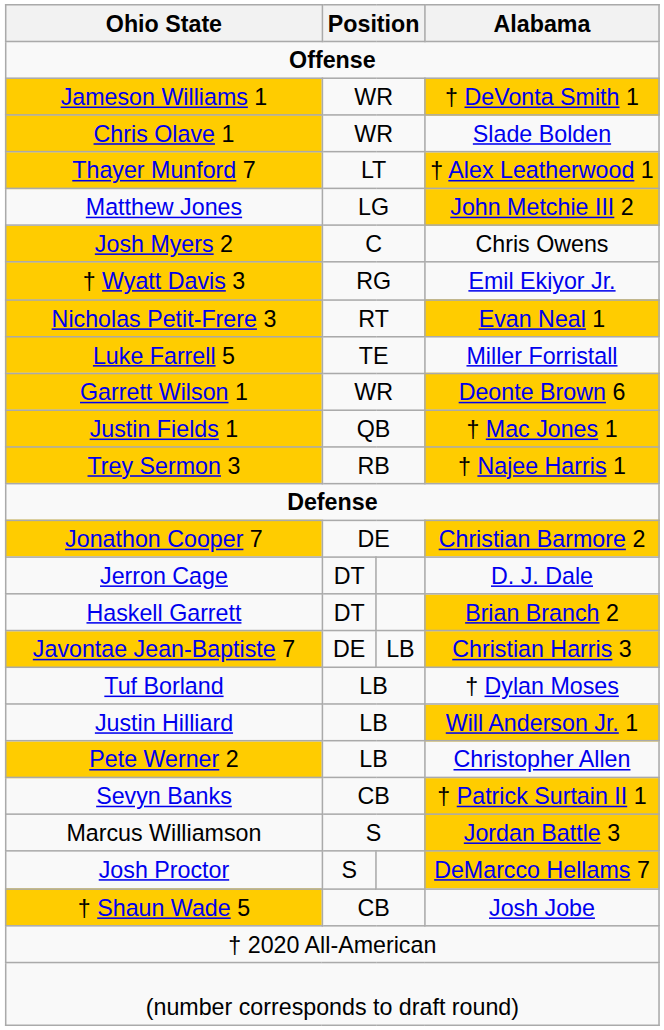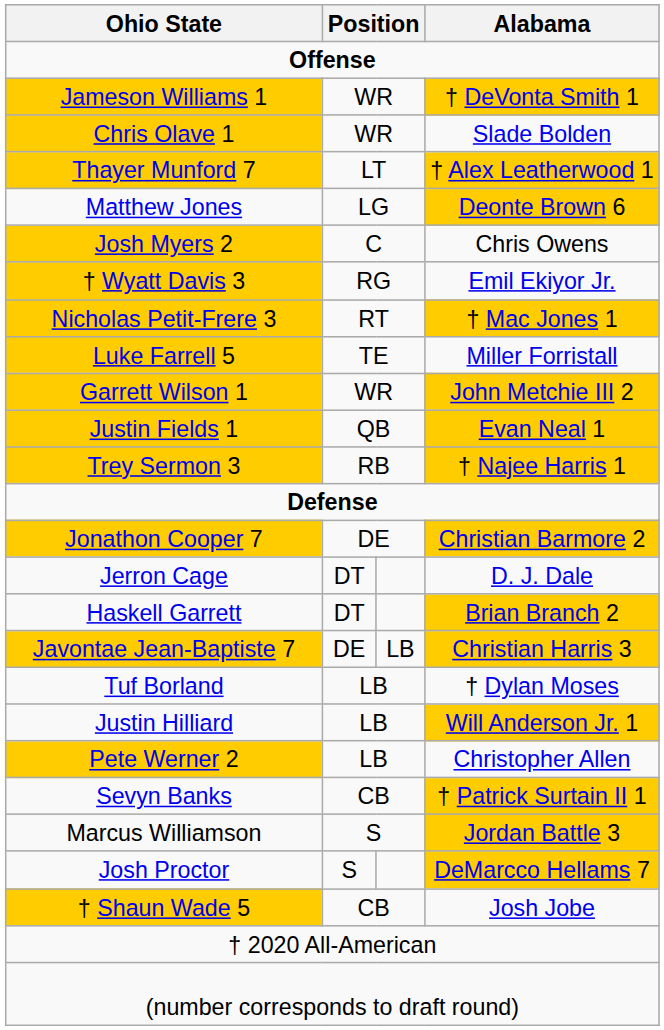 <table class="wikitable" style="margin:1em auto; text-align:center; font-size: 95%;">
 <tr>
 <th style="width:200px;">Ohio State</th>
 <th colspan=2>Position</th>
 <th>Alabama</th>
 </tr>
 <tr>
 <td colspan="4"><strong>Offense</strong></td>
 </tr>
 <tr>
 <td bgcolor="#FFCC00"><a href='#'>Jameson Williams</a> 1</td>
 <td colspan=2>WR</td>
 <td bgcolor="#FFCC00">† <a href='#'>DeVonta Smith</a> 1</td>
 </tr>
 <tr>
 <td bgcolor="#FFCC00"><a href='#'>Chris Olave</a> 1</td>
 <td colspan=2>WR</td>
 <td><a href='#'>Slade Bolden</a></td>
 </tr>
 <tr>
 <td bgcolor="#FFCC00"><a href='#'>Thayer Munford</a> 7</td>
 <td colspan=2>LT</td>
 <td bgcolor="#FFCC00">† <a href='#'>Alex Leatherwood</a> 1</td>
 </tr>
 <tr>
 <td><a href='#'>Matthew Jones</a></td>
 <td colspan=2>LG</td>
-<td bgcolor="#FFCC00"><a href='#'>John Metchie III</a> 2</td>
+<td bgcolor="#FFCC00"><a href='#'>Deonte Brown</a> 6</td>
 </tr>
 <tr>
 <td bgcolor="#FFCC00"><a href='#'>Josh Myers</a> 2</td>
 <td colspan=2>C</td>
 <td>Chris Owens</td>
 </tr>
 <tr>
 <td bgcolor="#FFCC00">† <a href='#'>Wyatt Davis</a> 3</td>
 <td colspan=2>RG</td>
 <td><a href='#'>Emil Ekiyor Jr.</a></td>
 </tr>
 <tr>
 <td bgcolor="#FFCC00"><a href='#'>Nicholas Petit-Frere</a> 3</td>
 <td colspan=2>RT</td>
-<td bgcolor="#FFCC00"><a href='#'>Evan Neal</a> 1</td>
+<td bgcolor="#FFCC00">† <a href='#'>Mac Jones</a> 1</td>
 </tr>
 <tr>
 <td style="background:#FFCC00"><a href='#'>Luke Farrell</a> 5</td>
 <td colspan=2>TE</td>
 <td><a href='#'>Miller Forristall</a></td>
 </tr>
 <tr>
 <td bgcolor="#FFCC00"><a href='#'>Garrett Wilson</a> 1</td>
 <td colspan=2>WR</td>
-<td bgcolor="#FFCC00"><a href='#'>Deonte Brown</a> 6</td>
+<td bgcolor="#FFCC00"><a href='#'>John Metchie III</a> 2</td>
 </tr>
 <tr>
 <td bgcolor="#FFCC00"><a href='#'>Justin Fields</a> 1</td>
 <td colspan=2>QB</td>
-<td bgcolor="#FFCC00">† <a href='#'>Mac Jones</a> 1</td>
+<td bgcolor="#FFCC00"><a href='#'>Evan Neal</a> 1</td>
 </tr>
 <tr>
 <td bgcolor="#FFCC00"><a href='#'>Trey Sermon</a> 3</td>
 <td colspan=2>RB</td>
 <td bgcolor="#FFCC00">† <a href='#'>Najee Harris</a> 1</td>
 </tr>
 <tr>
 <td colspan="4"><strong>Defense</strong></td>
 </tr>
 <tr>
 <td bgcolor="#FFCC00"><a href='#'>Jonathon Cooper</a> 7</td>
 <td colspan=2>DE</td>
 <td bgcolor="#FFCC00"><a href='#'>Christian Barmore</a> 2</td>
 </tr>
 <tr>
 <td><a href='#'>Jerron Cage</a></td>
 <td>DT</td>
 <td></td>
 <td><a href='#'>D. J. Dale</a></td>
 </tr>
 <tr>
 <td><a href='#'>Haskell Garrett</a></td>
 <td>DT</td>
 <td></td>
 <td bgcolor="#FFCC00"><a href='#'>Brian Branch</a> 2</td>
 </tr>
 <tr>
 <td bgcolor="#FFCC00"><a href='#'>Javontae Jean-Baptiste</a> 7</td>
 <td>DE</td>
 <td>LB</td>
 <td bgcolor="#FFCC00"><a href='#'>Christian Harris</a> 3</td>
 </tr>
 <tr>
 <td><a href='#'>Tuf Borland</a></td>
 <td colspan=2>LB</td>
 <td>† <a href='#'>Dylan Moses</a></td>
 </tr>
 <tr>
 <td><a href='#'>Justin Hilliard</a></td>
 <td colspan=2>LB</td>
 <td bgcolor="#FFCC00"><a href='#'>Will Anderson Jr.</a> 1</td>
 </tr>
 <tr>
 <td bgcolor="#FFCC00"><a href='#'>Pete Werner</a> 2</td>
 <td colspan=2>LB</td>
 <td><a href='#'>Christopher Allen</a></td>
 </tr>
 <tr>
 <td><a href='#'>Sevyn Banks</a></td>
 <td colspan=2>CB</td>
 <td bgcolor="#FFCC00">† <a href='#'>Patrick Surtain II</a> 1</td>
 </tr>
 <tr>
 <td>Marcus Williamson</td>
 <td colspan=2>S</td>
 <td bgcolor="#FFCC00"><a href='#'>Jordan Battle</a> 3</td>
 </tr>
 <tr>
 <td><a href='#'>Josh Proctor</a></td>
 <td>S</td>
 <td></td>
 <td bgcolor="#FFCC00"><a href='#'>DeMarcco Hellams</a> 7</td>
 </tr>
 <tr>
 <td bgcolor="#FFCC00">† <a href='#'>Shaun Wade</a> 5</td>
 <td colspan=2>CB</td>
 <td><a href='#'>Josh Jobe</a></td>
 </tr>
 <tr>
 <td colspan="4">† 2020 All-American</td>
 </tr>
 <tr>
 <td colspan=4 align=center><br>(number corresponds to draft round)</td>
 </tr>
 </table>
